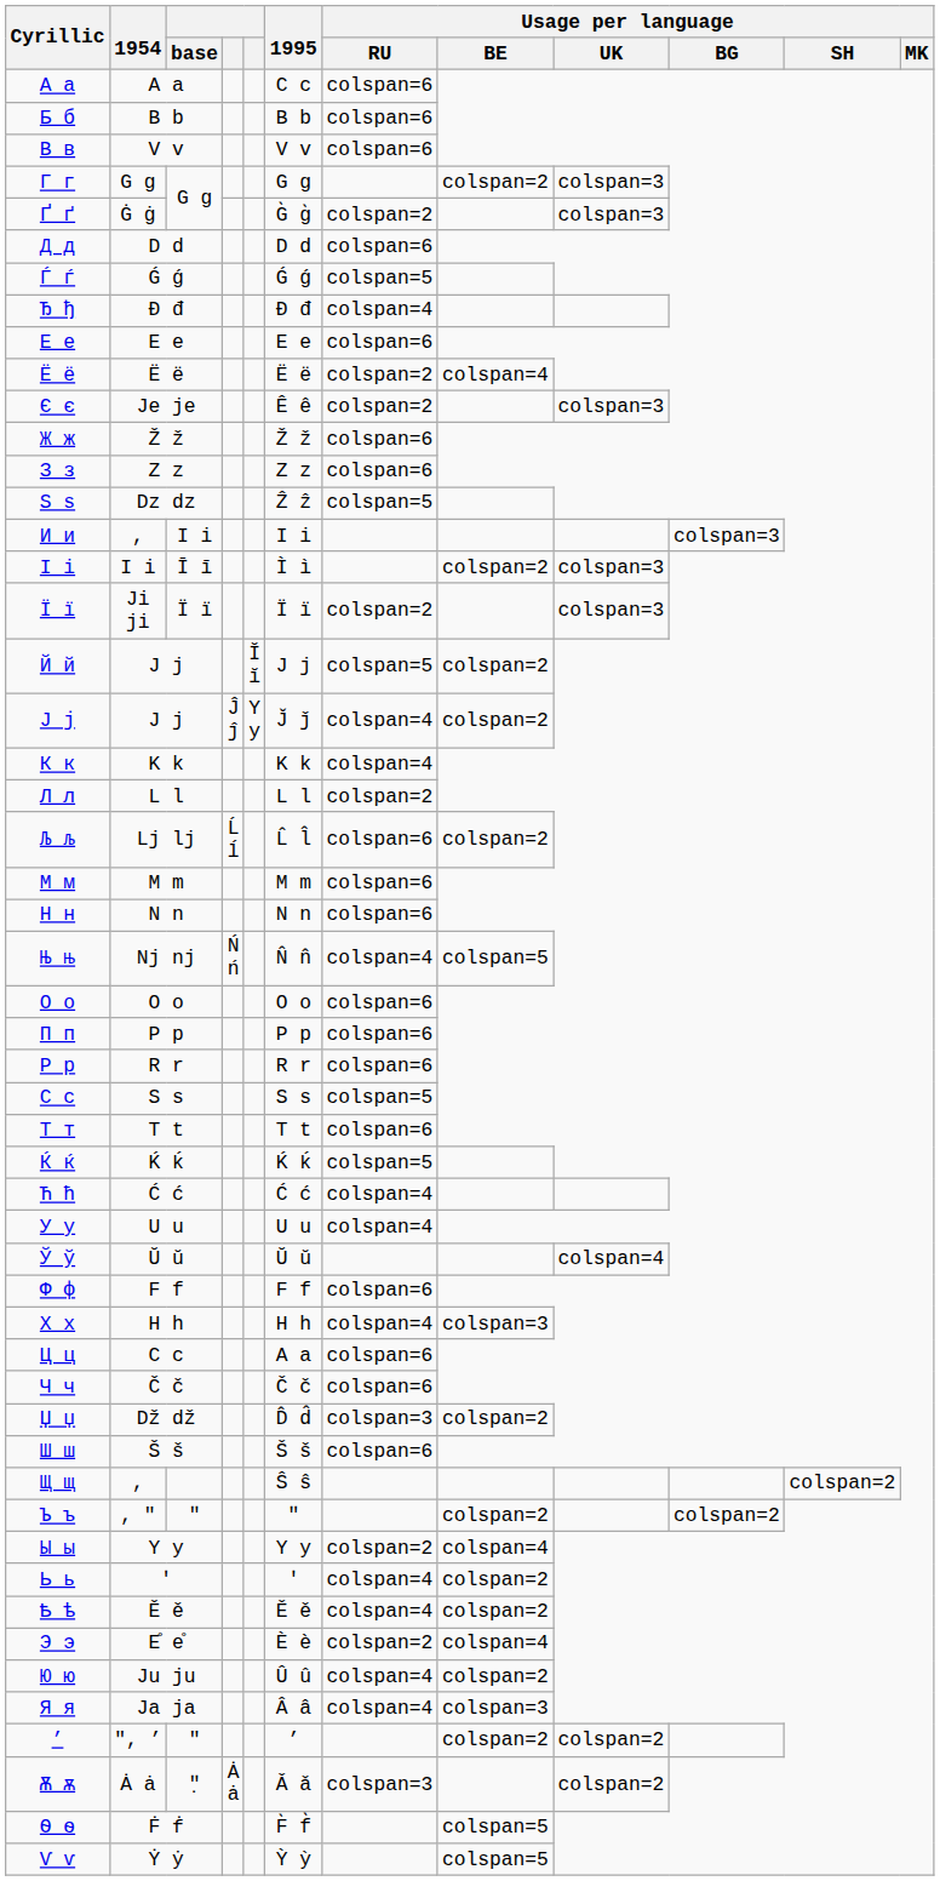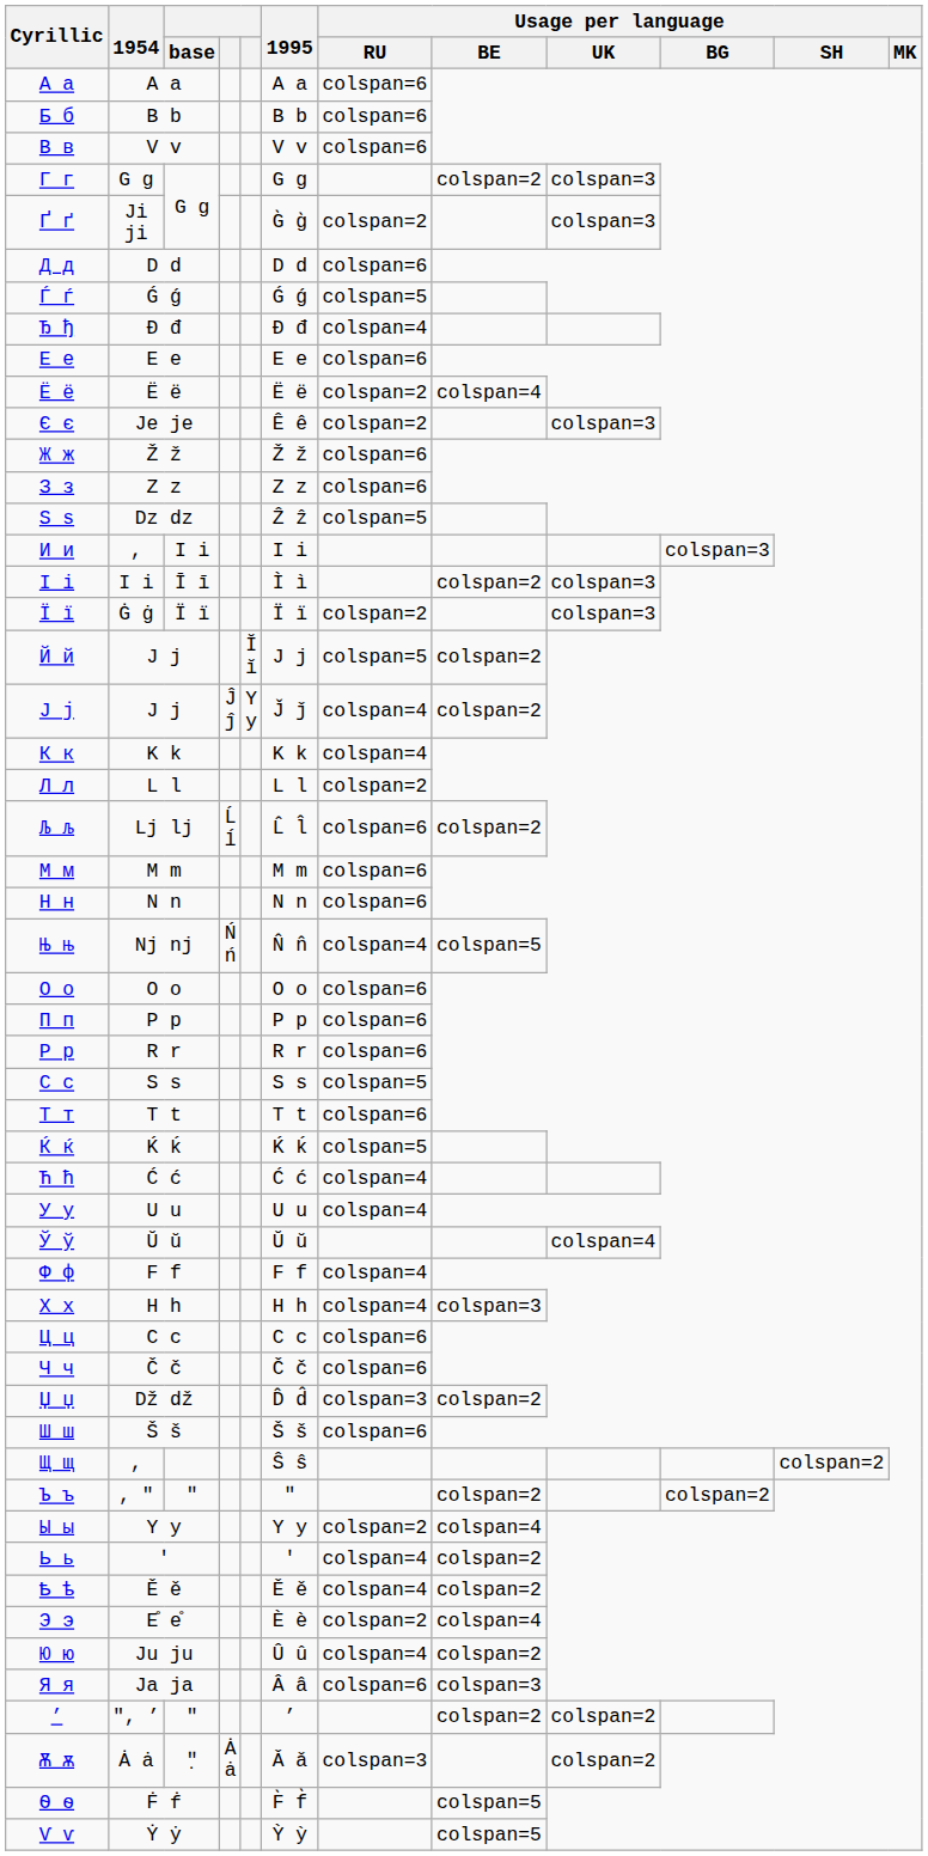 <table class="wikitable unicode" summary="Table of ISO/R 9:1954 and ISO/R 9:1968 of Cyrillic letters with ISO 9:1995 for comparison, uppercase and lowercase letters are separated in adjacent cells" style="text-align:center">
 <tr>
 <th rowspan=2>Cyrillic</th>
 <th rowspan=2 abbr="ISO 9:1995"> <br> 1954</th>
 <th colspan=3 abbr="ISO 9:1968"></th>
 <th rowspan=2 abbr="ISO 9:1995"> <br> 1995</th>
 <th colspan=6>Usage per language</th>
 </tr>
 <tr>
 <th style="width:4em;">base</th>
 <th title="alternative 1"></th>
 <th title="alternative 2"></th>
 <th title="Russian">RU</th>
 <th title="Belarusian">BE</th>
 <th title="Ukrainian">UK</th>
 <th title="Bulgarian">BG</th>
 <th title="Serbocroatian then; now: SR for Serbian, HR for Croatian, BS for Bosnian">SH</th>
 <th title="Macedonian">MK</th>
 </tr>
 <tr>
 <td><a href='#'>А а</a></td>
 <td colspan=2>A a</td>
 <td></td>
 <td></td>
-<td>C c</td>
+<td>A a</td>
 <td>colspan=6 </td>
 </tr>
 <tr>
 <td><a href='#'>Б б</a></td>
 <td colspan=2>B b</td>
 <td></td>
 <td></td>
 <td>B b</td>
 <td>colspan=6 </td>
 </tr>
 <tr>
 <td><a href='#'>В в</a></td>
 <td colspan=2>V v</td>
 <td></td>
 <td></td>
 <td>V v</td>
 <td>colspan=6 </td>
 </tr>
 <tr>
 <td><a href='#'>Г г</a></td>
 <td>G g</td>
 <td rowspan=2>G g</td>
 <td> </td>
 <td></td>
 <td>G g</td>
 <td></td>
 <td>colspan=2 </td>
 <td>colspan=3 </td>
 </tr>
 <tr>
 <td><a href='#'>Ґ ґ</a></td>
-<td>Ġ ġ</td>
+<td>Ji ji</td>
 <td></td>
 <td></td>
 <td>G̀ g̀</td>
 <td>colspan=2 </td>
 <td></td>
 <td>colspan=3 </td>
 </tr>
 <tr>
 <td><a href='#'>Д д</a></td>
 <td colspan=2>D d</td>
 <td></td>
 <td></td>
 <td>D d</td>
 <td>colspan=6 </td>
 </tr>
 <tr>
 <td><a href='#'>Ѓ ѓ</a></td>
 <td colspan=2>Ǵ ǵ</td>
 <td></td>
 <td></td>
 <td>Ǵ ǵ</td>
 <td>colspan=5 </td>
 <td></td>
 </tr>
 <tr>
 <td><a href='#'>Ђ ђ</a></td>
 <td colspan=2>Đ đ</td>
 <td></td>
 <td></td>
 <td>Đ đ</td>
 <td>colspan=4 </td>
 <td></td>
 <td></td>
 </tr>
 <tr>
 <td><a href='#'>Е е</a></td>
 <td colspan=2>E e</td>
 <td></td>
 <td></td>
 <td>E e</td>
 <td>colspan=6 </td>
 </tr>
 <tr>
 <td><a href='#'>Ё ё</a></td>
 <td colspan=2>Ë ë</td>
 <td></td>
 <td></td>
 <td>Ë ë</td>
 <td>colspan=2 </td>
 <td>colspan=4 </td>
 </tr>
 <tr>
 <td><a href='#'>Є є</a></td>
 <td colspan=2>Je je</td>
 <td></td>
 <td></td>
 <td>Ê ê</td>
 <td>colspan=2 </td>
 <td></td>
 <td>colspan=3 </td>
 </tr>
 <tr>
 <td><a href='#'>Ж ж</a></td>
 <td colspan=2>Ž ž</td>
 <td></td>
 <td></td>
 <td>Ž ž</td>
 <td>colspan=6 </td>
 </tr>
 <tr>
 <td><a href='#'>З з</a></td>
 <td colspan=2>Z z</td>
 <td></td>
 <td></td>
 <td>Z z</td>
 <td>colspan=6 </td>
 </tr>
 <tr>
 <td><a href='#'>Ѕ ѕ</a></td>
 <td colspan=2>Dz dz</td>
 <td></td>
 <td></td>
 <td>Ẑ ẑ</td>
 <td>colspan=5 </td>
 <td></td>
 </tr>
 <tr>
 <td><a href='#'>И и</a></td>
 <td>, </td>
 <td>I i</td>
 <td> </td>
 <td></td>
 <td>I i</td>
 <td></td>
 <td></td>
 <td></td>
 <td>colspan=3 </td>
 </tr>
 <tr>
 <td><a href='#'>I і</a></td>
 <td>I i</td>
 <td>Ī ī</td>
 <td> </td>
 <td></td>
 <td>Ì ì</td>
 <td></td>
 <td>colspan=2 </td>
 <td>colspan=3 </td>
 </tr>
 <tr>
 <td><a href='#'>Ї ї</a></td>
-<td>Ji ji</td>
+<td>Ġ ġ</td>
 <td>Ï ï</td>
 <td></td>
 <td></td>
 <td>Ï ï</td>
 <td>colspan=2 </td>
 <td></td>
 <td>colspan=3 </td>
 </tr>
 <tr>
 <td><a href='#'>Й й</a></td>
 <td colspan=2>J j</td>
 <td></td>
 <td>Ĭ ĭ</td>
 <td>J j</td>
 <td>colspan=5 </td>
 <td>colspan=2 </td>
 </tr>
 <tr>
 <td><a href='#'>Ј ј</a></td>
 <td colspan=2>J j</td>
 <td>Ĵ ĵ</td>
 <td>Y y</td>
 <td>J̌ ǰ</td>
 <td>colspan=4 </td>
 <td>colspan=2 </td>
 </tr>
 <tr>
 <td><a href='#'>К к</a></td>
 <td colspan=2>K k</td>
 <td></td>
 <td></td>
 <td>K k</td>
 <td>colspan=4 </td>
 </tr>
 <tr>
 <td><a href='#'>Л л</a></td>
 <td colspan=2>L l</td>
 <td></td>
 <td></td>
 <td>L l</td>
 <td>colspan=2 </td>
 </tr>
 <tr>
 <td><a href='#'>Љ љ</a></td>
 <td colspan=2>Lj lj</td>
 <td>Ĺ ĺ</td>
 <td></td>
 <td>L̂ l̂</td>
 <td>colspan=6 </td>
 <td>colspan=2 </td>
 </tr>
 <tr>
 <td><a href='#'>М м</a></td>
 <td colspan=2>M m</td>
 <td></td>
 <td></td>
 <td>M m</td>
 <td>colspan=6 </td>
 </tr>
 <tr>
 <td><a href='#'>Н н</a></td>
 <td colspan=2>N n</td>
 <td></td>
 <td></td>
 <td>N n</td>
 <td>colspan=6 </td>
 </tr>
 <tr>
 <td><a href='#'>Њ њ</a></td>
 <td colspan=2>Nj nj</td>
 <td>Ń ń</td>
 <td></td>
 <td>N̂ n̂</td>
 <td>colspan=4 </td>
 <td>colspan=5 </td>
 </tr>
 <tr>
 <td><a href='#'>О о</a></td>
 <td colspan=2>O o</td>
 <td></td>
 <td></td>
 <td>O o</td>
 <td>colspan=6 </td>
 </tr>
 <tr>
 <td><a href='#'>П п</a></td>
 <td colspan=2>P p</td>
 <td></td>
 <td></td>
 <td>P p</td>
 <td>colspan=6 </td>
 </tr>
 <tr>
 <td><a href='#'>Р р</a></td>
 <td colspan=2>R r</td>
 <td></td>
 <td></td>
 <td>R r</td>
 <td>colspan=6 </td>
 </tr>
 <tr>
 <td><a href='#'>С с</a></td>
 <td colspan=2>S s</td>
 <td></td>
 <td></td>
 <td>S s</td>
 <td>colspan=5 </td>
 </tr>
 <tr>
 <td><a href='#'>Т т</a></td>
 <td colspan=2>T t</td>
 <td></td>
 <td></td>
 <td>T t</td>
 <td>colspan=6 </td>
 </tr>
 <tr>
 <td><a href='#'>Ќ ќ</a></td>
 <td colspan=2>Ḱ ḱ</td>
 <td></td>
 <td></td>
 <td>Ḱ ḱ</td>
 <td>colspan=5 </td>
 <td></td>
 </tr>
 <tr>
 <td><a href='#'>Ћ ћ</a></td>
 <td colspan=2>Ć ć</td>
 <td></td>
 <td></td>
 <td>Ć ć</td>
 <td>colspan=4 </td>
 <td></td>
 <td></td>
 </tr>
 <tr>
 <td><a href='#'>У у</a></td>
 <td colspan=2>U u</td>
 <td></td>
 <td></td>
 <td>U u</td>
 <td>colspan=4 </td>
 </tr>
 <tr>
 <td><a href='#'>Ў ў</a></td>
 <td colspan=2>Ŭ ŭ</td>
 <td></td>
 <td></td>
 <td>Ŭ ŭ</td>
 <td></td>
 <td></td>
 <td>colspan=4 </td>
 </tr>
 <tr>
 <td><a href='#'>Ф ф</a></td>
 <td colspan=2>F f</td>
 <td></td>
 <td></td>
 <td>F f</td>
-<td>colspan=6 </td>
+<td>colspan=4 </td>
 </tr>
 <tr>
 <td><a href='#'>Х х</a></td>
 <td colspan=2>H h</td>
 <td> </td>
 <td></td>
 <td>H h</td>
 <td>colspan=4 </td>
 <td>colspan=3 </td>
 </tr>
 <tr>
 <td><a href='#'>Ц ц</a></td>
 <td colspan=2>C c</td>
 <td></td>
 <td></td>
-<td>A a</td>
+<td>C c</td>
 <td>colspan=6 </td>
 </tr>
 <tr>
 <td><a href='#'>Ч ч</a></td>
 <td colspan=2>Č č</td>
 <td></td>
 <td></td>
 <td>Č č</td>
 <td>colspan=6 </td>
 </tr>
 <tr>
 <td><a href='#'>Џ џ</a></td>
 <td colspan=2>Dž dž</td>
 <td></td>
 <td></td>
 <td>D̂ d̂</td>
 <td>colspan=3 </td>
 <td>colspan=2 </td>
 </tr>
 <tr>
 <td><a href='#'>Ш ш</a></td>
 <td colspan=2>Š š</td>
 <td></td>
 <td></td>
 <td>Š š</td>
 <td>colspan=6 </td>
 </tr>
 <tr>
 <td><a href='#'>Щ щ</a></td>
 <td>, </td>
 <td></td>
 <td> </td>
 <td></td>
 <td>Ŝ ŝ</td>
 <td></td>
 <td></td>
 <td></td>
 <td></td>
 <td>colspan=2 </td>
 </tr>
 <tr>
 <td><a href='#'>Ъ ъ</a></td>
 <td>, "</td>
 <td>ʺ</td>
 <td> </td>
 <td></td>
 <td>ʺ</td>
 <td></td>
 <td>colspan=2 </td>
 <td></td>
 <td>colspan=2 </td>
 </tr>
 <tr>
 <td><a href='#'>Ы ы</a></td>
 <td colspan=2>Y y</td>
 <td></td>
 <td></td>
 <td>Y y</td>
 <td>colspan=2 </td>
 <td>colspan=4 </td>
 </tr>
 <tr>
 <td><a href='#'>Ь ь</a></td>
 <td colspan=2>ʹ</td>
 <td></td>
 <td></td>
 <td>ʹ</td>
 <td>colspan=4 </td>
 <td>colspan=2 </td>
 </tr>
 <tr>
 <td><a href='#'>Ѣ ѣ</a></td>
 <td colspan=2>Ě ě</td>
 <td></td>
 <td></td>
 <td>Ě ě</td>
 <td>colspan=4 </td>
 <td>colspan=2 </td>
 </tr>
 <tr>
 <td><a href='#'>Э э</a></td>
 <td colspan=2>E̊ e̊</td>
 <td></td>
 <td></td>
 <td>È è</td>
 <td>colspan=2 </td>
 <td>colspan=4 </td>
 </tr>
 <tr>
 <td><a href='#'>Ю ю</a></td>
 <td colspan=2>Ju ju</td>
 <td></td>
 <td></td>
 <td>Û û</td>
 <td>colspan=4 </td>
 <td>colspan=2 </td>
 </tr>
 <tr>
 <td><a href='#'>Я я</a></td>
 <td colspan=2>Ja ja</td>
 <td></td>
 <td></td>
 <td>Â â</td>
-<td>colspan=4 </td>
+<td>colspan=6 </td>
 <td>colspan=3 </td>
 </tr>
 <tr>
 <td><a href='#'>’</a></td>
 <td>", ’</td>
 <td>″</td>
 <td></td>
 <td></td>
 <td>’</td>
 <td></td>
 <td>colspan=2 </td>
 <td>colspan=2 </td>
 <td></td>
 </tr>
 <tr>
 <td><a href='#'>Ѫ ѫ</a></td>
 <td>Ȧ ȧ</td>
 <td>ʺ̣</td>
 <td>Ȧ ȧ </td>
 <td></td>
 <td>Ǎ ǎ</td>
 <td>colspan=3 </td>
 <td></td>
 <td>colspan=2 </td>
 </tr>
 <tr>
 <td><a href='#'>Ѳ ѳ</a></td>
 <td colspan=2>Ḟ ḟ</td>
 <td></td>
 <td></td>
 <td>F̀ f̀</td>
 <td></td>
 <td>colspan=5 </td>
 </tr>
 <tr>
 <td><a href='#'>Ѵ ѵ</a></td>
 <td colspan=2>Ẏ ẏ</td>
 <td></td>
 <td></td>
 <td>Ỳ ỳ</td>
 <td></td>
 <td>colspan=5 </td>
 </tr>
 </table>
